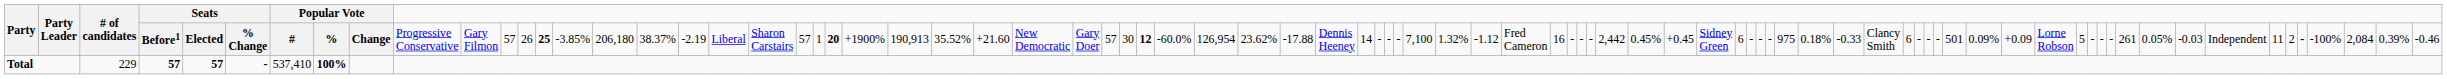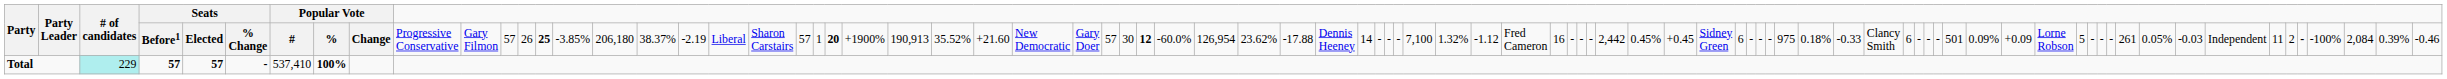 <table class="wikitable">
 <tr>
 <th rowspan="2" colspan="2">Party</th>
 <th rowspan="2">Party Leader</th>
 <th rowspan="2"># of<br>candidates</th>
 <th colspan="3">Seats</th>
 <th colspan="3">Popular Vote</th>
 </tr>
 <tr>
 <th>Before<sup>1</sup></th>
 <th>Elected</th>
 <th>% Change</th>
 <th>#</th>
 <th>%</th>
 <th>Change<br></th>
 <td><a href='#'>Progressive Conservative</a></td>
 <td><a href='#'>Gary Filmon</a></td>
 <td align="right">57</td>
 <td align="right">26</td>
 <td align="right"><strong>25</strong></td>
 <td align="right">-3.85%</td>
 <td align="right">206,180</td>
 <td align="right">38.37%</td>
 <td align="right">-2.19<br></td>
 <td><a href='#'>Liberal</a></td>
 <td><a href='#'>Sharon Carstairs</a></td>
 <td align="right">57</td>
 <td align="right">1</td>
 <td align="right"><strong>20</strong></td>
 <td align="right">+1900%</td>
 <td align="right">190,913</td>
 <td align="right">35.52%</td>
 <td align="right">+21.60<br></td>
 <td><a href='#'>New Democratic</a></td>
 <td><a href='#'>Gary Doer</a></td>
 <td align="right">57</td>
 <td align="right">30</td>
 <td align="right"><strong>12</strong></td>
 <td align="right">-60.0%</td>
 <td align="right">126,954</td>
 <td align="right">23.62%</td>
 <td align="right">-17.88<br></td>
 <td><a href='#'>Dennis Heeney</a></td>
 <td align="right">14</td>
 <td align="right">-</td>
 <td align="right">-</td>
 <td align="right">-</td>
 <td align="right">7,100</td>
 <td align="right">1.32%</td>
 <td align="right">-1.12<br></td>
 <td>Fred Cameron</td>
 <td align="right">16</td>
 <td align="right">-</td>
 <td align="right">-</td>
 <td align="right">-</td>
 <td align="right">2,442</td>
 <td align="right">0.45%</td>
 <td align="right">+0.45<br></td>
 <td><a href='#'>Sidney Green</a></td>
 <td align="right">6</td>
 <td align="right">-</td>
 <td align="right">-</td>
 <td align="right">-</td>
 <td align="right">975</td>
 <td align="right">0.18%</td>
 <td align="right">-0.33<br></td>
 <td>Clancy Smith</td>
 <td align="right">6</td>
 <td align="right">-</td>
 <td align="right">-</td>
 <td align="right">-</td>
 <td align="right">501</td>
 <td align="right">0.09%</td>
 <td align="right">+0.09<br></td>
 <td><a href='#'>Lorne Robson</a></td>
 <td align="right">5</td>
 <td align="right">-</td>
 <td align="right">-</td>
 <td align="right">-</td>
 <td align="right">261</td>
 <td align="right">0.05%</td>
 <td align="right">-0.03<br></td>
 <td colspan="2">Independent</td>
 <td align="right">11</td>
 <td align="right">2</td>
 <td align="right"><strong>-</strong></td>
 <td align="right">-100%</td>
 <td align="right">2,084</td>
 <td align="right">0.39%</td>
 <td align="right">-0.46</td>
 </tr>
 <tr>
 <td colspan="3"><strong>Total</strong></td>
-<td align="right">229</td>
+<td align="right" style="background: paleturquoise;">229</td>
 <td align="right"><strong>57</strong></td>
 <td align="right"><strong>57</strong></td>
 <td align="right"><strong>-</strong></td>
 <td align="right">537,410</td>
 <td align="right"><strong>100%</strong></td>
 <td align="right"> </td>
 </tr>
 </table>
